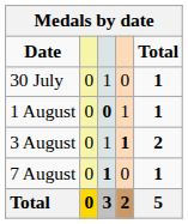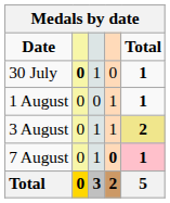 <table class="wikitable" style="text-align:center;font-size:90%">
 <tr style="background:#efefef;">
 <th colspan=7>Medals by date</th>
 </tr>
 <tr>
 <td><strong>Date</strong></td>
 <td bgcolor=#f7f6a8></td>
 <td bgcolor=#dce5e5></td>
 <td bgcolor=#ffdab9></td>
 <td><strong>Total</strong></td>
 </tr>
 <tr>
 <td style="text-align:left;">30 July</td>
-<td style="background:#F7F6A8;">0</td>
+<td style="background:#F7F6A8;"><strong>0</strong></td>
 <td style="background:#DCE5E5;">1</td>
 <td style="background:#FFDAB9;">0</td>
 <td><strong>1</strong></td>
 </tr>
 <tr>
 <td style="text-align:left;">1 August</td>
 <td style="background:#F7F6A8;">0</td>
-<td style="background:#DCE5E5;"><strong>0</strong></td>
+<td style="background:#DCE5E5;">0</td>
 <td style="background:#FFDAB9;">1</td>
 <td><strong>1</strong></td>
 </tr>
 <tr>
 <td style="text-align:left;">3 August</td>
 <td style="background:#F7F6A8;">0</td>
 <td style="background:#DCE5E5;">1</td>
-<td style="background:#FFDAB9;"><strong>1</strong></td>
-<td><strong>2</strong></td>
+<td style="background:#FFDAB9;">1</td>
+<td style="background: khaki;"><strong>2</strong></td>
 </tr>
 <tr>
 <td style="text-align:left;">7 August</td>
 <td style="background:#F7F6A8;">0</td>
-<td style="background:#DCE5E5;"><strong>1</strong></td>
-<td style="background:#FFDAB9;">0</td>
-<td><strong>1</strong></td>
+<td style="background:#DCE5E5;">1</td>
+<td style="background:#FFDAB9;"><strong>0</strong></td>
+<td style="background: pink;"><strong>1</strong></td>
 </tr>
 <tr>
 <th style="text-align:left;">Total</th>
 <th style="background:gold;">0</th>
 <th style="background:silver;">3</th>
 <th style="background:#c96;">2</th>
 <th>5</th>
 </tr>
 </table>
